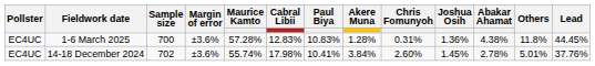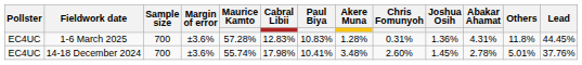 <table class="wikitable sortable mw-datatable" style="text-align:center;font-size:90%;line-height:14px">
 <tr>
 <th rowspan=2>Pollster</th>
 <th rowspan=2>Fieldwork date</th>
 <th rowspan="2">Sample<br>size</th>
 <th rowspan="2">Margin<br>of error</th>
 <th style="width:50px;">Maurice Kamto</th>
 <th style="width:50px;">Cabral Libii</th>
 <th style="width:50px;">Paul Biya</th>
 <th style="width:50px;">Akere Muna</th>
 <th style="width:50px;">Chris Fomunyoh</th>
 <th style="width:50px;">Joshua Osih</th>
 <th style="width:50px;">Abakar Ahamat</th>
 <th rowspan="2" style="width:50px;">Others</th>
 <th rowspan="2" style="width:20px;">Lead</th>
 </tr>
 <tr class="sorttop">
 <th style="background:"></th>
 <th style="background:#B22222"></th>
 <th style="background:"></th>
 <th style="background:#FCC40D"></th>
 <th style="background: "></th>
 <th style="background:"></th>
 <th style="background: "></th>
 </tr>
 <tr>
 <td>EC4UC</td>
 <td>1-6 March 2025</td>
 <td>700</td>
 <td>±3.6%</td>
 <td>57.28%</td>
 <td>12.83%</td>
 <td>10.83%</td>
 <td>1.28%</td>
 <td>0.31%</td>
 <td>1.36%</td>
-<td>4.38%</td>
+<td>4.31%</td>
 <td>11.8%</td>
 <td>44.45%</td>
 </tr>
 <tr>
 <td>EC4UC</td>
 <td>14-18 December 2024</td>
-<td>702</td>
+<td>700</td>
 <td>±3.6%</td>
 <td>55.74%</td>
 <td>17.98%</td>
 <td>10.41%</td>
-<td>3.84%</td>
+<td>3.48%</td>
 <td>2.60%</td>
 <td>1.45%</td>
 <td>2.78%</td>
 <td>5.01%</td>
 <td>37.76%</td>
 </tr>
 </table>
